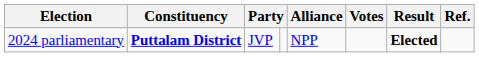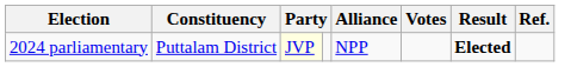 <table class="wikitable" style="text-align:left;">
 <tr>
 <th scope=col>Election</th>
 <th scope=col>Constituency</th>
 <th scope=col colspan="2">Party</th>
 <th scope=col>Alliance</th>
 <th scope=col>Votes</th>
 <th scope=col>Result</th>
 <th scope=col>Ref.</th>
 </tr>
 <tr>
 <td><a href='#'>2024 parliamentary</a></td>
-<td><strong><a href='#'>Puttalam District</a></strong></td>
-<td><a href='#'>JVP</a></td>
+<td><a href='#'>Puttalam District</a></td>
+<td style="background: lightyellow;"><a href='#'>JVP</a></td>
 <td rowspan="8" style="background:"></td>
 <td><a href='#'>NPP</a></td>
 <td align=right></td>
 <td><strong>Elected</strong></td>
 <td></td>
 </tr>
 </table>
